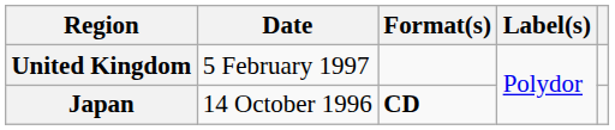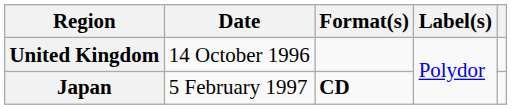 <table class="wikitable plainrowheaders">
 <tr>
 <th scope="col">Region</th>
 <th scope="col">Date</th>
 <th scope="col">Format(s)</th>
 <th scope="col">Label(s)</th>
 <th scope="col"></th>
 </tr>
 <tr>
 <th scope="row">United Kingdom</th>
-<td>5 February 1997</td>
+<td>14 October 1996</td>
 <td></td>
 <td rowspan="2"><a href='#'>Polydor</a></td>
 <td></td>
 </tr>
 <tr>
 <th scope="row">Japan</th>
-<td>14 October 1996</td>
+<td>5 February 1997</td>
 <td><strong>CD</strong></td>
 <td></td>
 </tr>
 </table>
